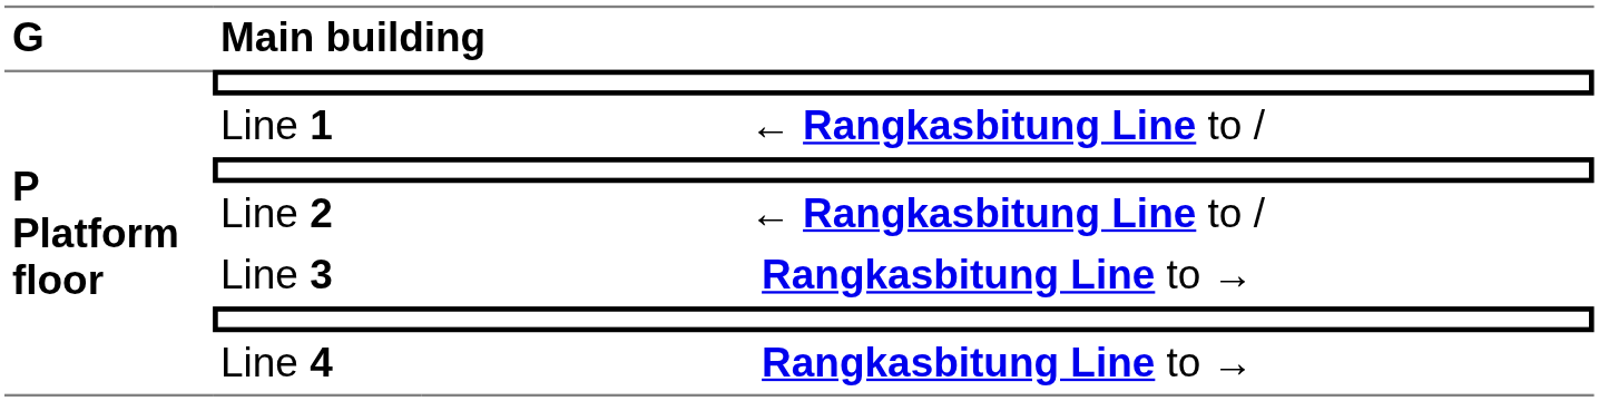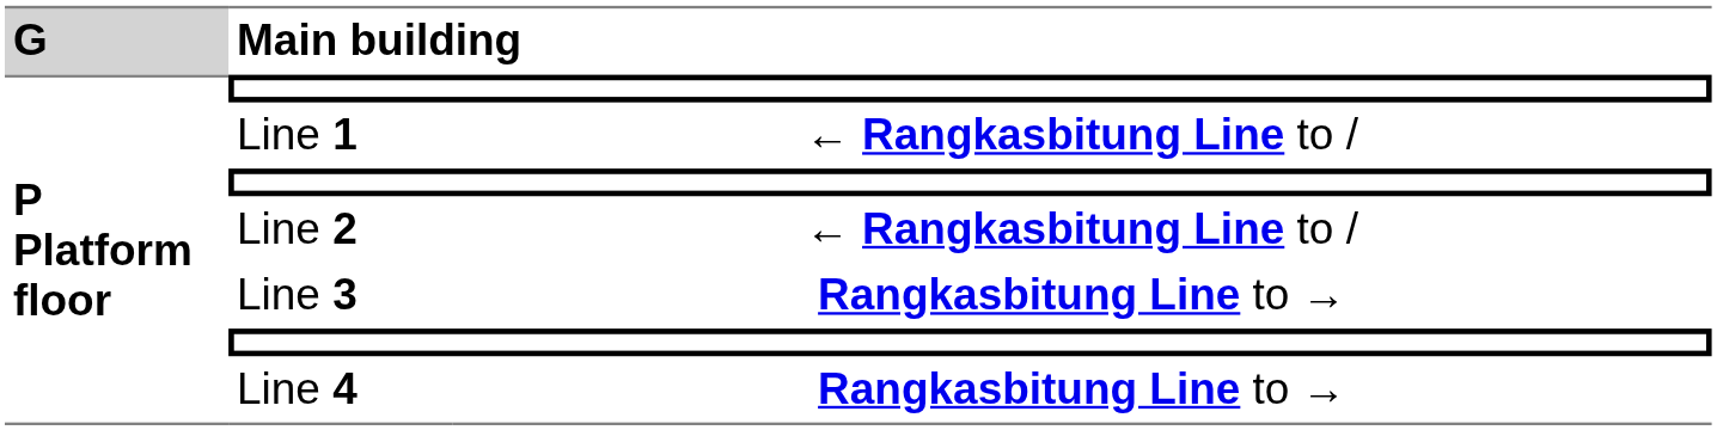 <table cellpadding="3" cellspacing="0">
 <tr>
 <td colspan="3" align="center"> </td>
 </tr>
 <tr>
-<td style="border-top:solid 1px gray;"><strong>G</strong></td>
+<td style="background: lightgrey; border-top:solid 1px gray;"><strong>G</strong></td>
 <td colspan="2" style="border-top:solid 1px gray;"><strong>Main building</strong></td>
 </tr>
 <tr>
 <td rowspan="7" width="75" style="border-top:solid 1px gray; border-bottom:solid 1px gray"><strong>P</strong><br><strong>Platform floor</strong></td>
 <td colspan="2" style="border-top:solid 2px black;border-right:solid 2px black;border-left:solid 2px black;border-bottom:solid 2px black;text-align:center;"></td>
 </tr>
 <tr>
 <td>Line <strong>1</strong></td>
 <td style="text-align:center">←   <strong><a href='#'>Rangkasbitung Line</a></strong> to /</td>
 </tr>
 <tr>
 <td colspan="2" style="border-top:solid 2px black;border-right:solid 2px black;border-left:solid 2px black;border-bottom:solid 2px black;text-align:center;"></td>
 </tr>
 <tr>
 <td width="50">Line <strong>2</strong></td>
 <td width="450" style="text-align:center">←   <strong><a href='#'>Rangkasbitung Line</a></strong> to /</td>
 </tr>
 <tr>
 <td>Line <strong>3</strong></td>
 <td style="text-align:center"> <strong><a href='#'>Rangkasbitung Line</a></strong> to   →</td>
 </tr>
 <tr>
 <td colspan="2" style="border-top:solid 2px black;border-right:solid 2px black;border-left:solid 2px black;border-bottom:solid 2px black;text-align:center;"></td>
 </tr>
 <tr>
 <td width="75" style="border-bottom:solid 1px gray">Line <strong>4</strong></td>
 <td style="text-align:center; border-bottom:solid 1px gray"> <strong><a href='#'>Rangkasbitung Line</a></strong> to   →</td>
 </tr>
 </table>
